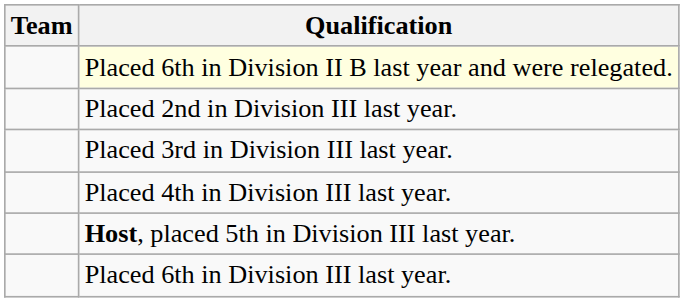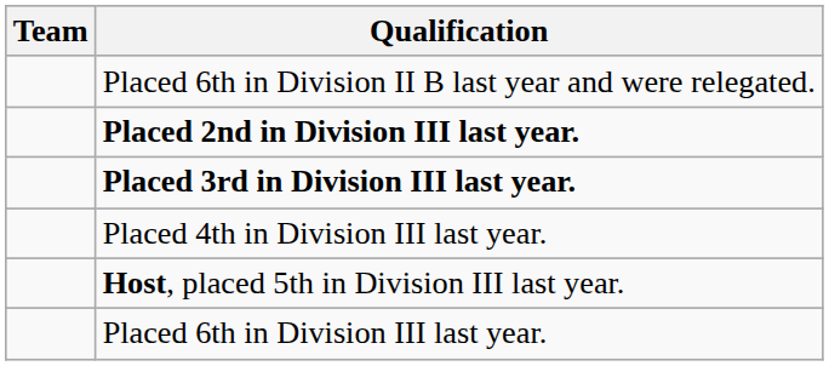 <table class="wikitable">
 <tr>
 <th>Team</th>
 <th>Qualification</th>
 </tr>
 <tr>
 <td></td>
-<td style="background: lightyellow;">Placed 6th in Division II B last year and were relegated.</td>
+<td>Placed 6th in Division II B last year and were relegated.</td>
 </tr>
 <tr>
 <td></td>
-<td>Placed 2nd in Division III last year.</td>
+<td><strong>Placed 2nd in Division III last year.</strong></td>
 </tr>
 <tr>
 <td></td>
-<td>Placed 3rd in Division III last year.</td>
+<td><strong>Placed 3rd in Division III last year.</strong></td>
 </tr>
 <tr>
 <td></td>
 <td>Placed 4th in Division III last year.</td>
 </tr>
 <tr>
 <td></td>
 <td><strong>Host</strong>, placed 5th in Division III last year.</td>
 </tr>
 <tr>
 <td></td>
 <td>Placed 6th in Division III last year.</td>
 </tr>
 </table>
